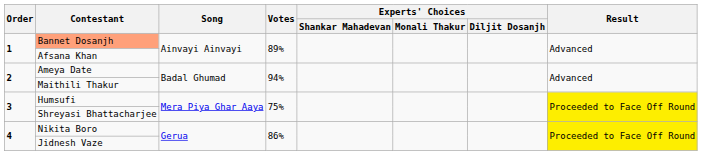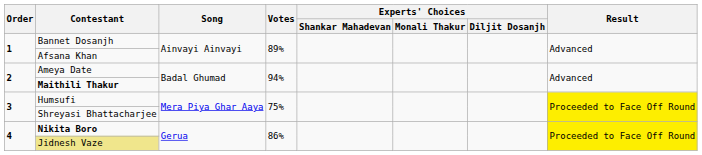 <table class="wikitable sortable mw-collapsible">
 <tr>
 <th rowspan="2">Order</th>
 <th rowspan="2">Contestant</th>
 <th rowspan="2">Song</th>
 <th rowspan="2">Votes</th>
 <th colspan="3">Experts' Choices</th>
 <th rowspan="2">Result</th>
 </tr>
 <tr>
 <th>Shankar Mahadevan</th>
 <th>Monali Thakur</th>
 <th>Diljit Dosanjh</th>
 </tr>
 <tr>
 <td rowspan="2"><strong>1</strong></td>
-<td style="background: lightsalmon;">Bannet Dosanjh</td>
+<td>Bannet Dosanjh</td>
 <td rowspan="2">Ainvayi Ainvayi</td>
 <td rowspan="2">89%</td>
 <td rowspan="2"></td>
 <td rowspan="2"></td>
 <td rowspan="2"></td>
 <td rowspan="2">Advanced</td>
 </tr>
 <tr>
 <td>Afsana Khan</td>
 </tr>
 <tr>
 <td rowspan="2"><strong>2</strong></td>
 <td>Ameya Date</td>
 <td rowspan="2">Badal Ghumad</td>
 <td rowspan="2">94%</td>
 <td rowspan="2"></td>
 <td rowspan="2"></td>
 <td rowspan="2"></td>
 <td rowspan="2">Advanced</td>
 </tr>
 <tr>
-<td>Maithili Thakur</td>
+<td><strong>Maithili Thakur</strong></td>
 </tr>
 <tr>
 <td rowspan="2"><strong>3</strong></td>
 <td>Humsufi</td>
 <td rowspan="2"><a href='#'>Mera Piya Ghar Aaya</a></td>
 <td rowspan="2">75%</td>
 <td rowspan="2"></td>
 <td rowspan="2"></td>
 <td rowspan="2"></td>
 <td rowspan="2" bgcolor="#FDEE00">Proceeded to Face Off Round</td>
 </tr>
 <tr>
 <td>Shreyasi Bhattacharjee</td>
 </tr>
 <tr>
 <td rowspan="2"><strong>4</strong></td>
-<td>Nikita Boro</td>
+<td><strong>Nikita Boro</strong></td>
 <td rowspan="2"><a href='#'>Gerua</a></td>
 <td rowspan="2">86%</td>
 <td rowspan="2"></td>
 <td rowspan="2"></td>
 <td rowspan="2"></td>
 <td rowspan="2" bgcolor="#FDEE00">Proceeded to Face Off Round</td>
 </tr>
 <tr>
-<td>Jidnesh Vaze</td>
+<td style="background: khaki;">Jidnesh Vaze</td>
 </tr>
 </table>
